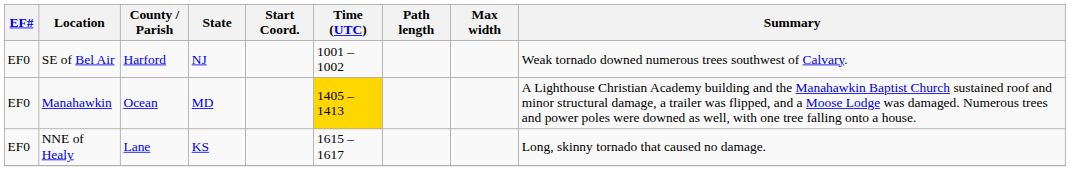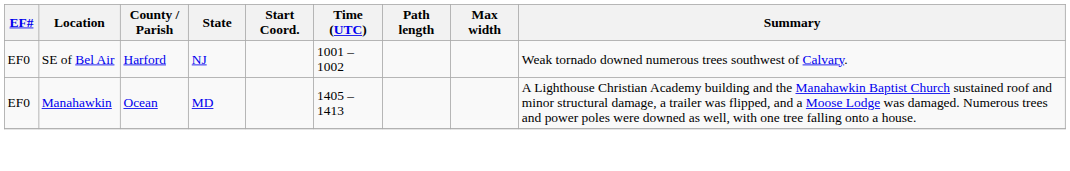 <table class="wikitable sortable" style="width:100%;">
 <tr>
 <th scope="col" width="3%" align="center"><a href='#'>EF#</a></th>
 <th scope="col" width="7%" align="center" class="unsortable">Location</th>
 <th scope="col" width="6%" align="center" class="unsortable">County / Parish</th>
 <th scope="col" width="5%" align="center">State</th>
 <th scope="col" width="6%" align="center">Start Coord.</th>
 <th scope="col" width="6%" align="center">Time (<a href='#'>UTC</a>)</th>
 <th scope="col" width="6%" align="center">Path length</th>
 <th scope="col" width="6%" align="center">Max width</th>
 <th scope="col" width="48%" class="unsortable" align="center">Summary</th>
 </tr>
 <tr>
 <td>EF0</td>
 <td>SE of <a href='#'>Bel Air</a></td>
 <td><a href='#'>Harford</a></td>
 <td><a href='#'>NJ</a></td>
 <td></td>
 <td>1001 – 1002</td>
 <td></td>
 <td></td>
 <td>Weak tornado downed numerous trees southwest of <a href='#'>Calvary</a>.</td>
 </tr>
 <tr>
 <td>EF0</td>
 <td><a href='#'>Manahawkin</a></td>
 <td><a href='#'>Ocean</a></td>
 <td><a href='#'>MD</a></td>
 <td></td>
-<td style="background: gold;">1405 – 1413</td>
+<td>1405 – 1413</td>
 <td></td>
 <td></td>
 <td>A Lighthouse Christian Academy building and the <a href='#'>Manahawkin Baptist Church</a> sustained roof and minor structural damage, a trailer was flipped, and a <a href='#'>Moose Lodge</a> was damaged. Numerous trees and power poles were downed as well, with one tree falling onto a house.</td>
 </tr>
 <tr>
-<td>EF0</td>
-<td>NNE of <a href='#'>Healy</a></td>
-<td><a href='#'>Lane</a></td>
-<td><a href='#'>KS</a></td>
-<td></td>
-<td>1615 – 1617</td>
-<td></td>
-<td></td>
-<td>Long, skinny tornado that caused no damage.</td>
-</tr>
-<tr>
 </tr>
 </table>
